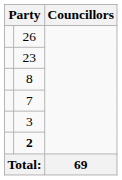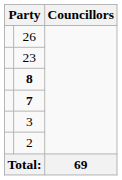 <table class="wikitable">
 <tr>
 <th colspan="2">Party</th>
 <th>Councillors</th>
 </tr>
 <tr>
 <td></td>
 <td align=center>26</td>
 </tr>
 <tr>
 <td></td>
 <td align=center>23</td>
 </tr>
 <tr>
 <td></td>
-<td align=center>8</td>
+<td align=center><strong>8</strong></td>
 </tr>
 <tr>
 <td></td>
-<td align=center>7</td>
+<td align=center><strong>7</strong></td>
 </tr>
 <tr>
 <td></td>
 <td align=center>3</td>
 </tr>
 <tr>
 <td></td>
-<td align=center><strong>2</strong></td>
+<td align=center>2</td>
 </tr>
 <tr>
 <th colspan="2">Total:</th>
 <th>69</th>
 </tr>
 </table>
